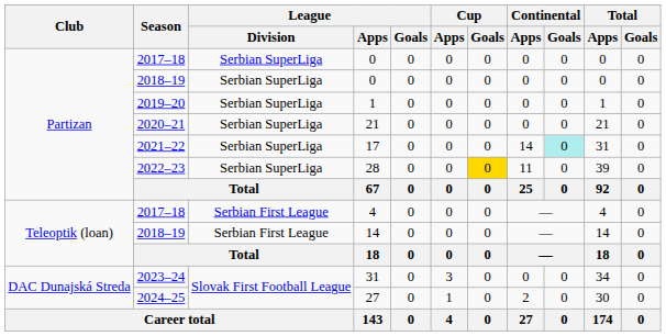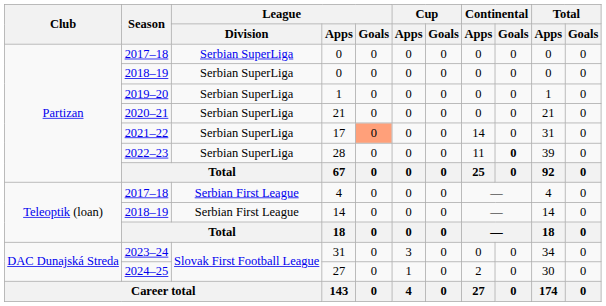 <table class="wikitable" style="text-align:center">
 <tr>
 <th rowspan="2">Club</th>
 <th rowspan="2">Season</th>
 <th colspan="3">League</th>
 <th colspan="2">Cup</th>
 <th colspan="2">Continental</th>
 <th colspan="2">Total</th>
 </tr>
 <tr>
 <th>Division</th>
 <th>Apps</th>
 <th>Goals</th>
 <th>Apps</th>
 <th>Goals</th>
 <th>Apps</th>
 <th>Goals</th>
 <th>Apps</th>
 <th>Goals</th>
 </tr>
 <tr>
 <td rowspan="7"><a href='#'>Partizan</a></td>
 <td><a href='#'>2017–18</a></td>
 <td><a href='#'>Serbian SuperLiga</a></td>
 <td>0</td>
 <td>0</td>
 <td>0</td>
 <td>0</td>
 <td>0</td>
 <td>0</td>
 <td>0</td>
 <td>0</td>
 </tr>
 <tr>
 <td><a href='#'>2018–19</a></td>
 <td>Serbian SuperLiga</td>
 <td>0</td>
 <td>0</td>
 <td>0</td>
 <td>0</td>
 <td>0</td>
 <td>0</td>
 <td>0</td>
 <td>0</td>
 </tr>
 <tr>
 <td><a href='#'>2019–20</a></td>
 <td>Serbian SuperLiga</td>
 <td>1</td>
 <td>0</td>
 <td>0</td>
 <td>0</td>
 <td>0</td>
 <td>0</td>
 <td>1</td>
 <td>0</td>
 </tr>
 <tr>
 <td><a href='#'>2020–21</a></td>
 <td>Serbian SuperLiga</td>
 <td>21</td>
 <td>0</td>
 <td>0</td>
 <td>0</td>
 <td>0</td>
 <td>0</td>
 <td>21</td>
 <td>0</td>
 </tr>
 <tr>
 <td><a href='#'>2021–22</a></td>
 <td>Serbian SuperLiga</td>
 <td>17</td>
-<td>0</td>
+<td style="background: lightsalmon;">0</td>
 <td>0</td>
 <td>0</td>
 <td>14</td>
-<td style="background: paleturquoise;">0</td>
+<td>0</td>
 <td>31</td>
 <td>0</td>
 </tr>
 <tr>
 <td><a href='#'>2022–23</a></td>
 <td>Serbian SuperLiga</td>
 <td>28</td>
 <td>0</td>
 <td>0</td>
-<td style="background: gold;">0</td>
+<td>0</td>
 <td>11</td>
-<td>0</td>
+<td><strong>0</strong></td>
 <td>39</td>
 <td>0</td>
 </tr>
 <tr>
 <th colspan="2">Total</th>
 <th>67</th>
 <th>0</th>
 <th>0</th>
 <th>0</th>
 <th>25</th>
 <th>0</th>
 <th>92</th>
 <th>0</th>
 </tr>
 <tr>
 <td rowspan="3"><a href='#'>Teleoptik</a> (loan)</td>
 <td><a href='#'>2017–18</a></td>
 <td><a href='#'>Serbian First League</a></td>
 <td>4</td>
 <td>0</td>
 <td>0</td>
 <td>0</td>
 <td colspan="2">—</td>
 <td>4</td>
 <td>0</td>
 </tr>
 <tr>
 <td><a href='#'>2018–19</a></td>
 <td>Serbian First League</td>
 <td>14</td>
 <td>0</td>
 <td>0</td>
 <td>0</td>
 <td colspan="2">—</td>
 <td>14</td>
 <td>0</td>
 </tr>
 <tr>
 <th colspan="2">Total</th>
 <th>18</th>
 <th>0</th>
 <th>0</th>
 <th>0</th>
 <th colspan="2">—</th>
 <th>18</th>
 <th>0</th>
 </tr>
 <tr>
 <td rowspan="2"><a href='#'>DAC Dunajská Streda</a></td>
 <td><a href='#'>2023–24</a></td>
 <td rowspan="2"><a href='#'>Slovak First Football League</a></td>
 <td>31</td>
 <td>0</td>
 <td>3</td>
 <td>0</td>
 <td>0</td>
 <td>0</td>
 <td>34</td>
 <td>0</td>
 </tr>
 <tr>
 <td><a href='#'>2024–25</a></td>
 <td>27</td>
 <td>0</td>
 <td>1</td>
 <td>0</td>
 <td>2</td>
 <td>0</td>
 <td>30</td>
 <td>0</td>
 </tr>
 <tr>
 <th colspan="3">Career total</th>
 <th>143</th>
 <th>0</th>
 <th>4</th>
 <th>0</th>
 <th>27</th>
 <th>0</th>
 <th>174</th>
 <th>0</th>
 </tr>
 </table>
